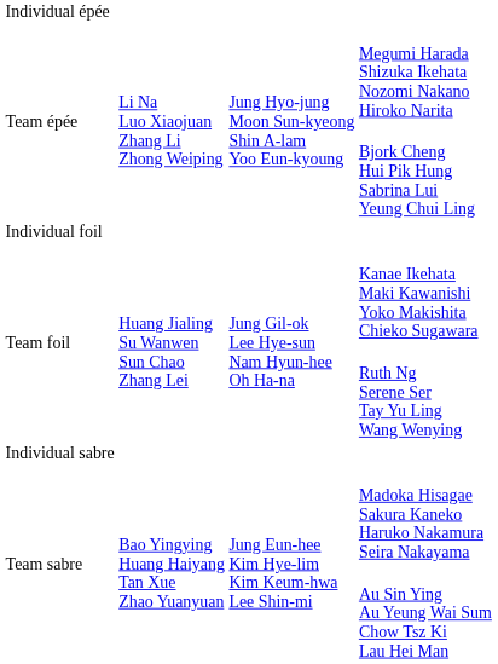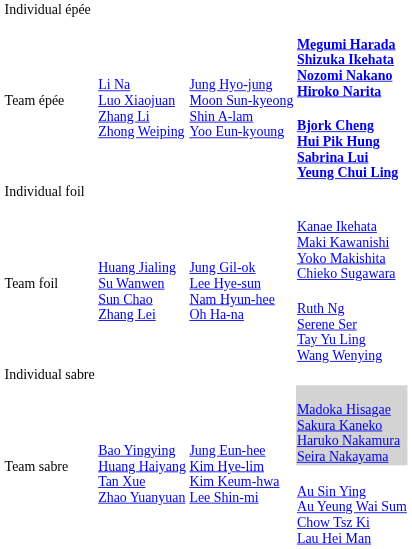 <table>
 <tr>
 <td rowspan=2>Individual épée</td>
 <td rowspan=2></td>
 <td rowspan=2></td>
 <td></td>
 </tr>
 <tr>
 <td></td>
 </tr>
 <tr>
 <td rowspan=2>Team épée</td>
 <td rowspan=2><br><a href='#'>Li Na</a><br><a href='#'>Luo Xiaojuan</a><br><a href='#'>Zhang Li</a><br><a href='#'>Zhong Weiping</a></td>
 <td rowspan=2><br><a href='#'>Jung Hyo-jung</a><br><a href='#'>Moon Sun-kyeong</a><br><a href='#'>Shin A-lam</a><br><a href='#'>Yoo Eun-kyoung</a></td>
-<td><br><a href='#'>Megumi Harada</a><br><a href='#'>Shizuka Ikehata</a><br><a href='#'>Nozomi Nakano</a><br><a href='#'>Hiroko Narita</a></td>
+<td><strong><br><a href='#'>Megumi Harada</a><br><a href='#'>Shizuka Ikehata</a><br><a href='#'>Nozomi Nakano</a><br><a href='#'>Hiroko Narita</a></strong></td>
 </tr>
 <tr>
-<td><br><a href='#'>Bjork Cheng</a><br><a href='#'>Hui Pik Hung</a><br><a href='#'>Sabrina Lui</a><br><a href='#'>Yeung Chui Ling</a></td>
+<td><strong><br><a href='#'>Bjork Cheng</a><br><a href='#'>Hui Pik Hung</a><br><a href='#'>Sabrina Lui</a><br><a href='#'>Yeung Chui Ling</a></strong></td>
 </tr>
 <tr>
 <td rowspan=2>Individual foil</td>
 <td rowspan=2></td>
 <td rowspan=2></td>
 <td></td>
 </tr>
 <tr>
 <td></td>
 </tr>
 <tr>
 <td rowspan=2>Team foil</td>
 <td rowspan=2><br><a href='#'>Huang Jialing</a><br><a href='#'>Su Wanwen</a><br><a href='#'>Sun Chao</a><br><a href='#'>Zhang Lei</a></td>
 <td rowspan=2><br><a href='#'>Jung Gil-ok</a><br><a href='#'>Lee Hye-sun</a><br><a href='#'>Nam Hyun-hee</a><br><a href='#'>Oh Ha-na</a></td>
 <td><br><a href='#'>Kanae Ikehata</a><br><a href='#'>Maki Kawanishi</a><br><a href='#'>Yoko Makishita</a><br><a href='#'>Chieko Sugawara</a></td>
 </tr>
 <tr>
 <td><br><a href='#'>Ruth Ng</a><br><a href='#'>Serene Ser</a><br><a href='#'>Tay Yu Ling</a><br><a href='#'>Wang Wenying</a></td>
 </tr>
 <tr>
 <td rowspan=2>Individual sabre</td>
 <td rowspan=2></td>
 <td rowspan=2></td>
 <td></td>
 </tr>
 <tr>
 <td></td>
 </tr>
 <tr>
 <td rowspan=2>Team sabre</td>
 <td rowspan=2><br><a href='#'>Bao Yingying</a><br><a href='#'>Huang Haiyang</a><br><a href='#'>Tan Xue</a><br><a href='#'>Zhao Yuanyuan</a></td>
 <td rowspan=2><br><a href='#'>Jung Eun-hee</a><br><a href='#'>Kim Hye-lim</a><br><a href='#'>Kim Keum-hwa</a><br><a href='#'>Lee Shin-mi</a></td>
-<td><br><a href='#'>Madoka Hisagae</a><br><a href='#'>Sakura Kaneko</a><br><a href='#'>Haruko Nakamura</a><br><a href='#'>Seira Nakayama</a></td>
+<td style="background: lightgrey;"><br><a href='#'>Madoka Hisagae</a><br><a href='#'>Sakura Kaneko</a><br><a href='#'>Haruko Nakamura</a><br><a href='#'>Seira Nakayama</a></td>
 </tr>
 <tr>
 <td><br><a href='#'>Au Sin Ying</a><br><a href='#'>Au Yeung Wai Sum</a><br><a href='#'>Chow Tsz Ki</a><br><a href='#'>Lau Hei Man</a></td>
 </tr>
 </table>
